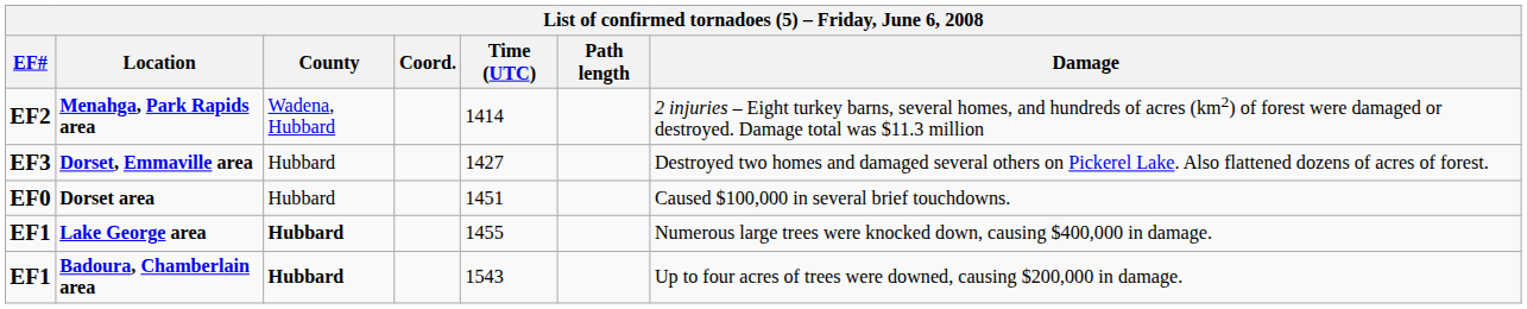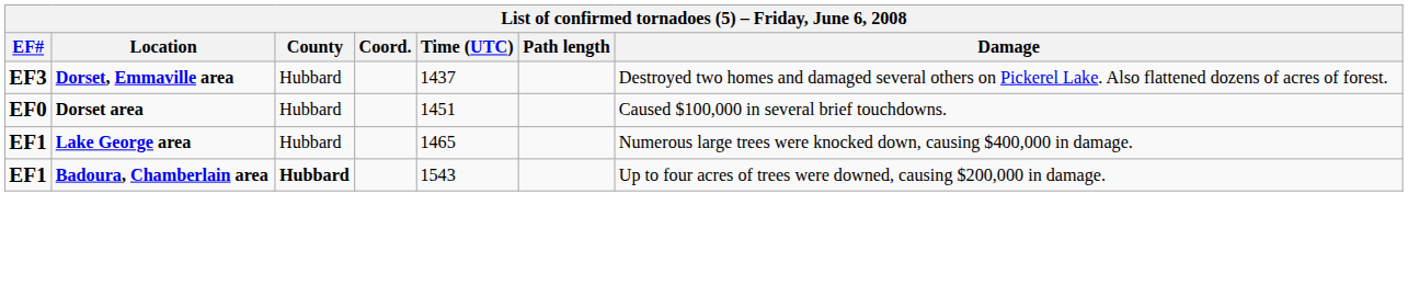 <table class="wikitable collapsible" width="100%">
 <tr>
 <th colspan="7">List of confirmed tornadoes (5) – Friday, June 6, 2008</th>
 </tr>
 <tr>
 <th><a href='#'>EF#</a></th>
 <th>Location</th>
 <th>County</th>
 <th>Coord.</th>
 <th>Time (<a href='#'>UTC</a>)</th>
 <th>Path length</th>
 <th>Damage</th>
 </tr>
 <tr>
-<td><big><strong>EF2</strong></big></td>
-<td><strong> <a href='#'>Menahga</a>, <a href='#'>Park Rapids</a> area</strong></td>
-<td><a href='#'>Wadena</a>, <a href='#'>Hubbard</a></td>
-<td></td>
-<td>1414</td>
-<td></td>
-<td><em>2 injuries</em> – Eight turkey barns, several homes, and hundreds of acres (km<sup>2</sup>) of forest were damaged or destroyed.  Damage total was $11.3 million</td>
-</tr>
-<tr>
 <td><big><strong>EF3</strong></big></td>
 <td><strong> <a href='#'>Dorset</a>, <a href='#'>Emmaville</a> area</strong></td>
 <td>Hubbard</td>
 <td></td>
-<td>1427</td>
+<td>1437</td>
 <td></td>
 <td>Destroyed two homes and damaged several others on <a href='#'>Pickerel Lake</a>.  Also flattened dozens of acres of forest.</td>
 </tr>
 <tr>
 <td><big><strong>EF0</strong></big></td>
 <td><strong> Dorset area</strong></td>
 <td>Hubbard</td>
 <td></td>
 <td>1451</td>
 <td></td>
 <td>Caused $100,000 in several brief touchdowns.</td>
 </tr>
 <tr>
 <td><big><strong>EF1</strong></big></td>
 <td><strong><a href='#'>Lake George</a> area</strong></td>
-<td><strong>Hubbard</strong></td>
+<td>Hubbard</td>
 <td></td>
-<td>1455</td>
+<td>1465</td>
 <td></td>
 <td>Numerous large trees were knocked down, causing $400,000 in damage.</td>
 </tr>
 <tr>
 <td><big><strong>EF1</strong></big></td>
 <td><strong><a href='#'>Badoura</a>, <a href='#'>Chamberlain</a> area</strong></td>
 <td><strong>Hubbard</strong></td>
 <td></td>
 <td>1543</td>
 <td></td>
 <td>Up to four acres of trees were downed, causing $200,000 in damage.</td>
 </tr>
 </table>
